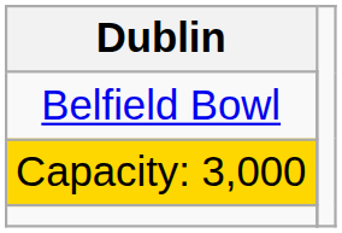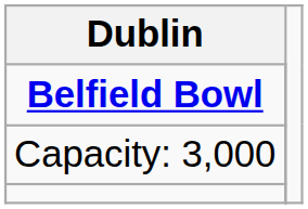 <table class="wikitable" style="text-align:center">
 <tr>
 <th colspan="2">Dublin</th>
 <td rowspan=4></td>
 </tr>
 <tr>
-<td><a href='#'>Belfield Bowl</a></td>
+<td><strong><a href='#'>Belfield Bowl</a></strong></td>
 </tr>
 <tr>
-<td style="background: gold;">Capacity: 3,000</td>
+<td>Capacity: 3,000</td>
 </tr>
 <tr>
 <td></td>
 </tr>
 </table>
